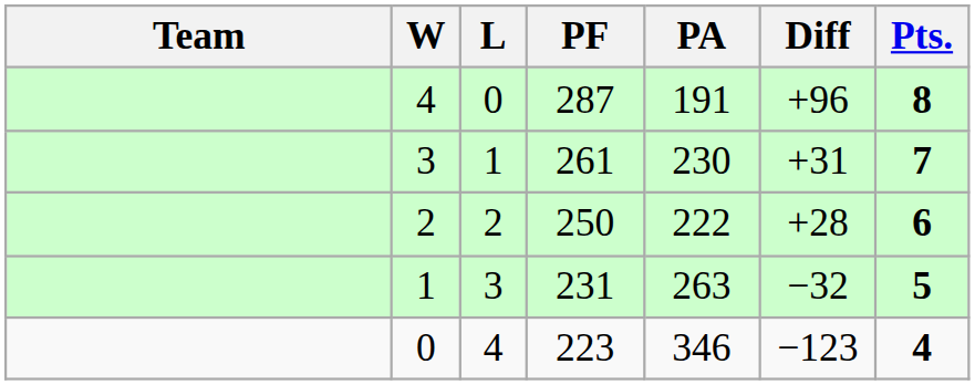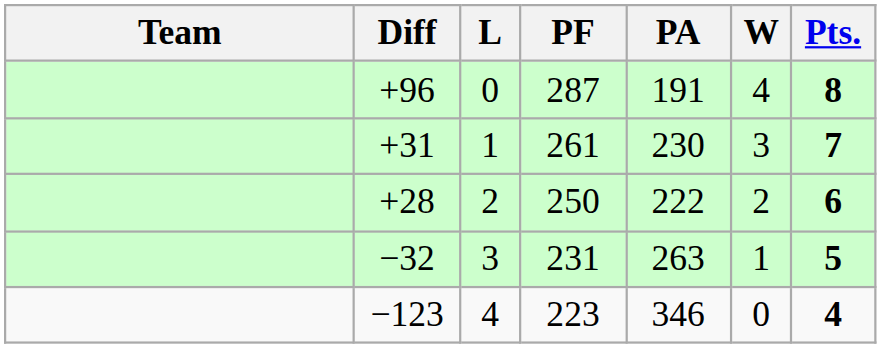 <table class=wikitable>
 <tr align=center>
 <th width=150px>Team</th>
-<th width=20px>W</th>
+<th width=40px>Diff</th>
 <th width=20px>L</th>
 <th width=40px>PF</th>
 <th width=40px>PA</th>
-<th width=40px>Diff</th>
+<th width=20px>W</th>
 <th width=30px><a href='#'>Pts.</a></th>
 </tr>
 <tr align=center bgcolor="#ccffcc">
 <td align=left></td>
-<td>4</td>
+<td>+96</td>
 <td>0</td>
 <td>287</td>
 <td>191</td>
-<td>+96</td>
+<td>4</td>
 <td><strong>8</strong></td>
 </tr>
 <tr align=center bgcolor="#ccffcc">
 <td align=left></td>
-<td>3</td>
+<td>+31</td>
 <td>1</td>
 <td>261</td>
 <td>230</td>
-<td>+31</td>
+<td>3</td>
 <td><strong>7</strong></td>
 </tr>
 <tr align=center bgcolor="#ccffcc">
 <td align=left></td>
-<td>2</td>
+<td>+28</td>
 <td>2</td>
 <td>250</td>
 <td>222</td>
-<td>+28</td>
+<td>2</td>
 <td><strong>6</strong></td>
 </tr>
 <tr align=center bgcolor="#ccffcc">
 <td align=left></td>
-<td>1</td>
+<td>−32</td>
 <td>3</td>
 <td>231</td>
 <td>263</td>
-<td>−32</td>
+<td>1</td>
 <td><strong>5</strong></td>
 </tr>
 <tr align=center>
 <td align=left></td>
-<td>0</td>
+<td>−123</td>
 <td>4</td>
 <td>223</td>
 <td>346</td>
-<td>−123</td>
+<td>0</td>
 <td><strong>4</strong></td>
 </tr>
 </table>
